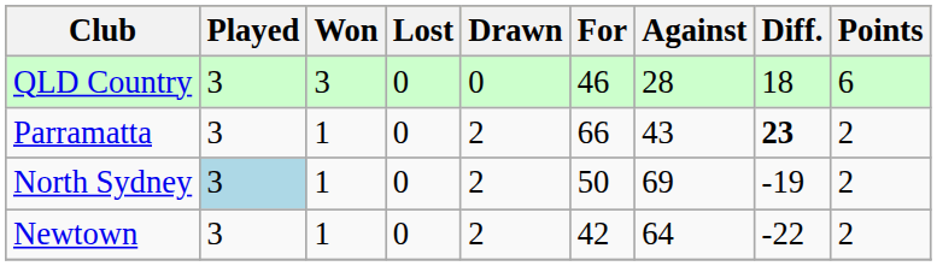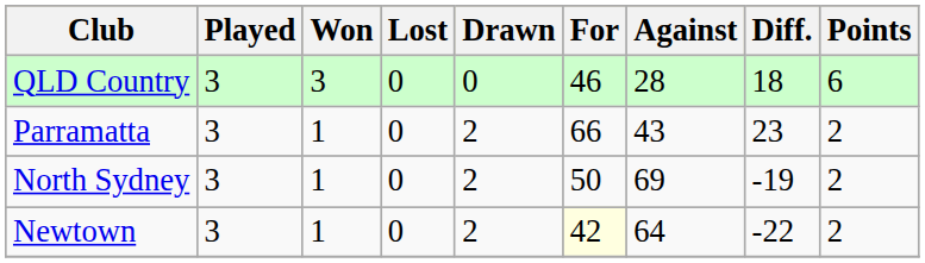 <table class="wikitable">
 <tr style="background:#bdb76b;">
 <th>Club</th>
 <th>Played</th>
 <th>Won</th>
 <th>Lost</th>
 <th>Drawn</th>
 <th>For</th>
 <th>Against</th>
 <th>Diff.</th>
 <th>Points</th>
 </tr>
 <tr style="background:#cfc;">
 <td> <a href='#'>QLD Country</a></td>
 <td>3</td>
 <td>3</td>
 <td>0</td>
 <td>0</td>
 <td>46</td>
 <td>28</td>
 <td>18</td>
 <td>6</td>
 </tr>
 <tr>
 <td> <a href='#'>Parramatta</a></td>
 <td>3</td>
 <td>1</td>
 <td>0</td>
 <td>2</td>
 <td>66</td>
 <td>43</td>
-<td><strong>23</strong></td>
+<td>23</td>
 <td>2</td>
 </tr>
 <tr>
 <td> <a href='#'>North Sydney</a></td>
-<td style="background: lightblue;">3</td>
+<td>3</td>
 <td>1</td>
 <td>0</td>
 <td>2</td>
 <td>50</td>
 <td>69</td>
 <td>-19</td>
 <td>2</td>
 </tr>
 <tr>
 <td> <a href='#'>Newtown</a></td>
 <td>3</td>
 <td>1</td>
 <td>0</td>
 <td>2</td>
-<td>42</td>
+<td style="background: lightyellow;">42</td>
 <td>64</td>
 <td>-22</td>
 <td>2</td>
 </tr>
 <tr>
 </tr>
 </table>
